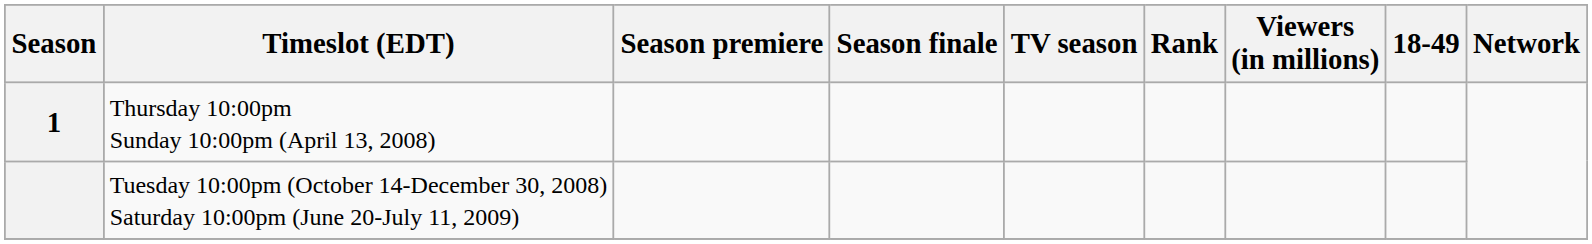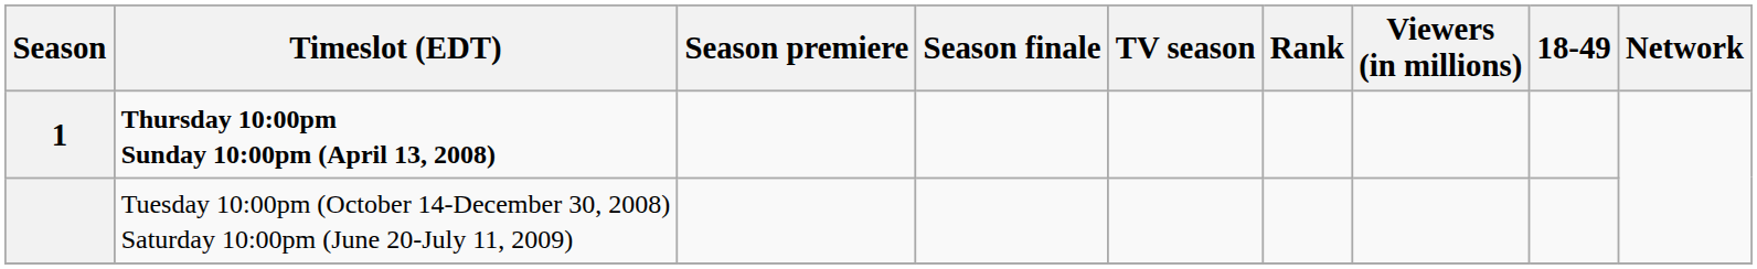 <table style="text-align:center;" class="wikitable" style="background: #FFFFFF;">
 <tr>
 <th>Season</th>
 <th>Timeslot (EDT)</th>
 <th>Season premiere</th>
 <th>Season finale</th>
 <th>TV season</th>
 <th>Rank</th>
 <th>Viewers<br>(in millions)</th>
 <th>18-49</th>
 <th>Network</th>
 </tr>
 <tr>
 <th>1</th>
-<td style="text-align:left"><small>Thursday 10:00pm<br>Sunday 10:00pm (April 13, 2008)</small></td>
+<td style="text-align:left"><strong><small>Thursday 10:00pm<br>Sunday 10:00pm (April 13, 2008)</small></strong></td>
 <td></td>
 <td></td>
 <td></td>
 <td></td>
 <td></td>
 <td></td>
 <td rowspan="2"></td>
 </tr>
 <tr>
 <th></th>
 <td style="text-align:left"><small>Tuesday 10:00pm (October 14-December 30, 2008)<br>Saturday 10:00pm (June 20-July 11, 2009)</small></td>
 <td></td>
 <td></td>
 <td></td>
 <td></td>
 <td></td>
 <td></td>
 </tr>
 <tr>
 </tr>
 </table>
